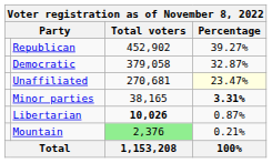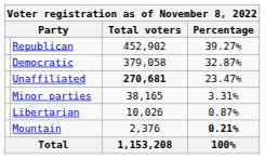 <table class=wikitable>
 <tr>
 <th colspan = 6>Voter registration as of November 8, 2022</th>
 </tr>
 <tr>
 <th colspan = 2>Party</th>
 <th>Total voters</th>
 <th>Percentage</th>
 </tr>
 <tr>
 <td></td>
 <td><a href='#'>Republican</a></td>
 <td style="text-align:center">452,902</td>
 <td style="text-align:center">39.27%</td>
 </tr>
 <tr>
 <td></td>
 <td><a href='#'>Democratic</a></td>
 <td style="text-align:center">379,058</td>
 <td style="text-align:center">32.87%</td>
 </tr>
 <tr>
 <td></td>
 <td><a href='#'>Unaffiliated</a></td>
-<td style="text-align:center">270,681</td>
-<td style="background: lightyellow; text-align:center">23.47%</td>
+<td style="text-align:center"><strong>270,681</strong></td>
+<td style="text-align:center">23.47%</td>
 </tr>
 <tr>
 <td></td>
 <td><a href='#'>Minor parties</a></td>
 <td style="text-align:center">38,165</td>
-<td style="text-align:center"><strong>3.31%</strong></td>
+<td style="text-align:center">3.31%</td>
 </tr>
 <tr>
 <td></td>
 <td><a href='#'>Libertarian</a></td>
-<td style="text-align:center"><strong>10,026</strong></td>
+<td style="text-align:center">10,026</td>
 <td style="text-align:center">0.87%</td>
 </tr>
 <tr>
 <td></td>
 <td><a href='#'>Mountain</a></td>
-<td style="background: lightgreen; text-align:center">2,376</td>
-<td style="text-align:center">0.21%</td>
+<td style="text-align:center">2,376</td>
+<td style="text-align:center"><strong>0.21%</strong></td>
 </tr>
 <tr>
 <th colspan=2>Total</th>
 <th style="text-align:center">1,153,208</th>
 <th style="text-align:center">100%</th>
 </tr>
 </table>
